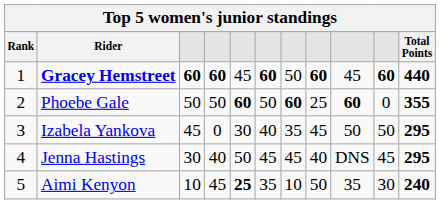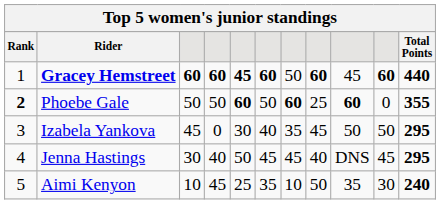 <table class="wikitable sortable">
 <tr>
 <th colspan=27 align="center"><strong>Top 5 women's junior standings</strong></th>
 </tr>
 <tr>
 </tr>
 <tr style="font-size:8pt;font-weight:bold">
 <th align="center">Rank</th>
 <th align="center">Rider</th>
 <th class=unsortable style="background:#E5E4E2;"><small></small></th>
 <th class=unsortable style="background:#E5E4E2;"><small></small></th>
 <th class=unsortable style="background:#E5E4E2;"><small></small></th>
 <th class=unsortable style="background:#E5E4E2;"><small></small></th>
 <th class=unsortable style="background:#E5E4E2;"><small></small></th>
 <th class=unsortable style="background:#E5E4E2;"><small></small></th>
 <th class=unsortable style="background:#E5E4E2;"><small></small></th>
 <th class=unsortable style="background:#E5E4E2;"><small></small></th>
 <th align="center">Total<br>Points</th>
 </tr>
 <tr>
 <td align=center>1</td>
 <td> <strong><a href='#'>Gracey Hemstreet</a></strong></td>
 <td align=center><strong>60</strong></td>
 <td align=center><strong>60</strong></td>
-<td align=center>45</td>
+<td align=center><strong>45</strong></td>
 <td align=center><strong>60</strong></td>
 <td align=center>50</td>
 <td align=center><strong>60</strong></td>
 <td align=center>45</td>
 <td align=center><strong>60</strong></td>
 <td align=center><strong>440</strong></td>
 </tr>
 <tr>
-<td align=center>2</td>
+<td align=center><strong>2</strong></td>
 <td> <a href='#'>Phoebe Gale</a></td>
 <td align=center>50</td>
 <td align=center>50</td>
 <td align=center><strong>60</strong></td>
 <td align=center>50</td>
 <td align=center><strong>60</strong></td>
 <td align=center>25</td>
 <td align=center><strong>60</strong></td>
 <td align=center>0</td>
 <td align=center><strong>355</strong></td>
 </tr>
 <tr>
 <td align=center>3</td>
 <td> <a href='#'>Izabela Yankova</a></td>
 <td align=center>45</td>
 <td align=center>0</td>
 <td align=center>30</td>
 <td align=center>40</td>
 <td align=center>35</td>
 <td align=center>45</td>
 <td align=center>50</td>
 <td align=center>50</td>
 <td align=center><strong>295</strong></td>
 </tr>
 <tr>
 <td align=center>4</td>
 <td> <a href='#'>Jenna Hastings</a></td>
 <td align=center>30</td>
 <td align=center>40</td>
 <td align=center>50</td>
 <td align=center>45</td>
 <td align=center>45</td>
 <td align=center>40</td>
 <td align=center>DNS</td>
 <td align=center>45</td>
 <td align=center><strong>295</strong></td>
 </tr>
 <tr>
 <td align=center>5</td>
 <td> <a href='#'>Aimi Kenyon</a></td>
 <td align=center>10</td>
 <td align=center>45</td>
-<td align=center><strong>25</strong></td>
+<td align=center>25</td>
 <td align=center>35</td>
 <td align=center>10</td>
 <td align=center>50</td>
 <td align=center>35</td>
 <td align=center>30</td>
 <td align=center><strong>240</strong><br></td>
 </tr>
 </table>
